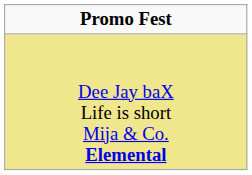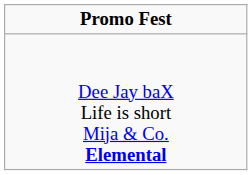 <table class="wikitable">
 <tr>
 <td colspan="1" align="center"><strong>Promo Fest</strong></td>
 </tr>
 <tr>
-<td valign="top" align="center" width=200 style="background: khaki;"><br><br><a href='#'>Dee Jay baX</a>  <br>Life is short  <br><a href='#'>Mija & Co.</a>  <br><strong><a href='#'>Elemental</a></strong> </td>
+<td valign="top" align="center" width=200><br><br><a href='#'>Dee Jay baX</a>  <br>Life is short  <br><a href='#'>Mija & Co.</a>  <br><strong><a href='#'>Elemental</a></strong> </td>
 </tr>
 </table>
